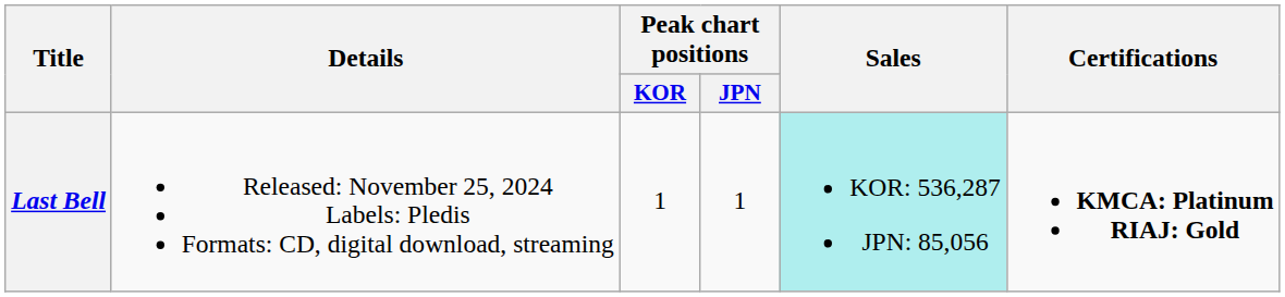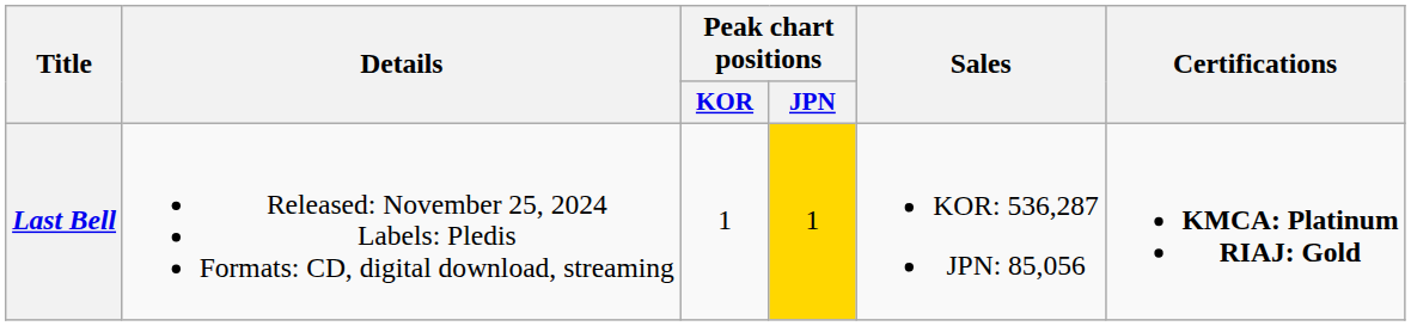 <table class="wikitable plainrowheaders" style="text-align:center">
 <tr>
 <th scope="col" rowspan="2">Title</th>
 <th scope="col" rowspan="2">Details</th>
 <th scope="col" colspan="2">Peak chart positions</th>
 <th scope="col" rowspan="2">Sales</th>
 <th scope="col" rowspan="2">Certifications</th>
 </tr>
 <tr>
 <th scope="col" style="width:3em;font-size:90%"><a href='#'>KOR</a><br></th>
 <th scope="col" style="width:3em;font-size:90%"><a href='#'>JPN</a><br></th>
 </tr>
 <tr>
 <th scope="row"><em><a href='#'>Last Bell</a></em></th>
 <td><br><ul><li>Released: November 25, 2024</li><li>Labels: Pledis</li><li>Formats: CD, digital download, streaming</li></ul></td>
 <td>1</td>
-<td>1</td>
-<td style="background: paleturquoise;"><br><ul><li>KOR: 536,287</li></ul><ul><li>JPN: 85,056</li></ul></td>
+<td style="background: gold;">1</td>
+<td><br><ul><li>KOR: 536,287</li></ul><ul><li>JPN: 85,056</li></ul></td>
 <td><strong><br><ul><li>KMCA: Platinum</li><li>RIAJ: Gold</li></ul></strong></td>
 </tr>
 </table>
